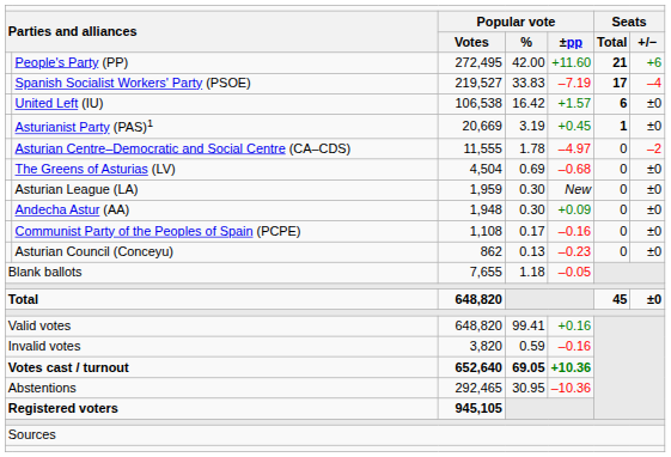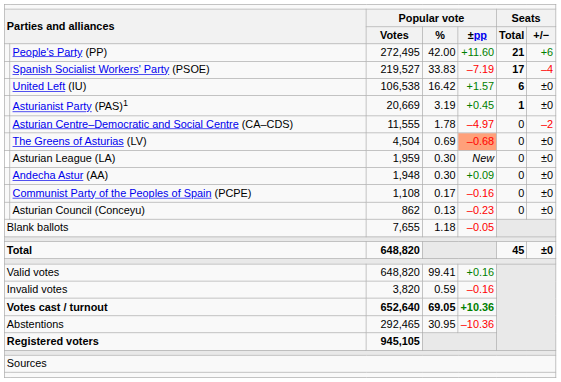 <table class="wikitable" style="text-align:right;">
 <tr>
 <td colspan="7"></td>
 </tr>
 <tr>
 <th style="text-align:left;" rowspan="2" colspan="2" width="525">Parties and alliances</th>
 <th colspan="3">Popular vote</th>
 <th colspan="2">Seats</th>
 </tr>
 <tr>
 <th width="75">Votes</th>
 <th width="45">%</th>
 <th width="45">±<a href='#'>pp</a></th>
 <th width="35">Total</th>
 <th width="35">+/−</th>
 </tr>
 <tr>
 <td width="1" style="color:inherit;background:"></td>
 <td align="left"><a href='#'>People's Party</a> (PP)</td>
 <td>272,495</td>
 <td>42.00</td>
 <td style="color:green;">+11.60</td>
 <td><strong>21</strong></td>
 <td style="color:green;">+6</td>
 </tr>
 <tr>
 <td style="color:inherit;background:"></td>
 <td align="left"><a href='#'>Spanish Socialist Workers' Party</a> (PSOE)</td>
 <td>219,527</td>
 <td>33.83</td>
 <td style="color:red;">–7.19</td>
 <td><strong>17</strong></td>
 <td style="color:red;">–4</td>
 </tr>
 <tr>
 <td style="color:inherit;background:"></td>
 <td align="left"><a href='#'>United Left</a> (IU)</td>
 <td>106,538</td>
 <td>16.42</td>
 <td style="color:green;">+1.57</td>
 <td><strong>6</strong></td>
 <td>±0</td>
 </tr>
 <tr>
 <td style="color:inherit;background:"></td>
 <td align="left"><a href='#'>Asturianist Party</a> (PAS)<sup>1</sup></td>
 <td>20,669</td>
 <td>3.19</td>
 <td style="color:green;">+0.45</td>
 <td><strong>1</strong></td>
 <td>±0</td>
 </tr>
 <tr>
 <td style="color:inherit;background:"></td>
 <td align="left"><a href='#'>Asturian Centre–Democratic and Social Centre</a> (CA–CDS)</td>
 <td>11,555</td>
 <td>1.78</td>
 <td style="color:red;">–4.97</td>
 <td>0</td>
 <td style="color:red;">–2</td>
 </tr>
 <tr>
 <td style="color:inherit;background:"></td>
 <td align="left"><a href='#'>The Greens of Asturias</a> (LV)</td>
 <td>4,504</td>
 <td>0.69</td>
-<td style="color:red;">–0.68</td>
+<td style="background: lightsalmon; color:red;">–0.68</td>
 <td>0</td>
 <td>±0</td>
 </tr>
 <tr>
 <td bgcolor="white"></td>
 <td align="left">Asturian League (LA)</td>
 <td>1,959</td>
 <td>0.30</td>
 <td><em>New</em></td>
 <td>0</td>
 <td>±0</td>
 </tr>
 <tr>
 <td style="color:inherit;background:"></td>
 <td align="left"><a href='#'>Andecha Astur</a> (AA)</td>
 <td>1,948</td>
 <td>0.30</td>
 <td style="color:green;">+0.09</td>
 <td>0</td>
 <td>±0</td>
 </tr>
 <tr>
 <td style="color:inherit;background:"></td>
 <td align="left"><a href='#'>Communist Party of the Peoples of Spain</a> (PCPE)</td>
 <td>1,108</td>
 <td>0.17</td>
 <td style="color:red;">–0.16</td>
 <td>0</td>
 <td>±0</td>
 </tr>
 <tr>
 <td style="color:inherit;background:"></td>
 <td align="left">Asturian Council (Conceyu)</td>
 <td>862</td>
 <td>0.13</td>
 <td style="color:red;">–0.23</td>
 <td>0</td>
 <td>±0</td>
 </tr>
 <tr>
 <td align="left" colspan="2">Blank ballots</td>
 <td>7,655</td>
 <td>1.18</td>
 <td style="color:red;">–0.05</td>
 <td bgcolor="#E9E9E9" colspan="2"></td>
 </tr>
 <tr>
 <td colspan="7" bgcolor="#E9E9E9"></td>
 </tr>
 <tr style="font-weight:bold;">
 <td align="left" colspan="2">Total</td>
 <td>648,820</td>
 <td bgcolor="#E9E9E9" colspan="2"></td>
 <td>45</td>
 <td>±0</td>
 </tr>
 <tr>
 <td colspan="7" bgcolor="#E9E9E9"></td>
 </tr>
 <tr>
 <td align="left" colspan="2">Valid votes</td>
 <td>648,820</td>
 <td>99.41</td>
 <td style="color:green;">+0.16</td>
 <td bgcolor="#E9E9E9" colspan="2" rowspan="5"></td>
 </tr>
 <tr>
 <td align="left" colspan="2">Invalid votes</td>
 <td>3,820</td>
 <td>0.59</td>
 <td style="color:red;">–0.16</td>
 </tr>
 <tr style="font-weight:bold;">
 <td align="left" colspan="2">Votes cast / turnout</td>
 <td>652,640</td>
 <td>69.05</td>
 <td style="color:green;">+10.36</td>
 </tr>
 <tr>
 <td align="left" colspan="2">Abstentions</td>
 <td>292,465</td>
 <td>30.95</td>
 <td style="color:red;">–10.36</td>
 </tr>
 <tr style="font-weight:bold;">
 <td align="left" colspan="2">Registered voters</td>
 <td>945,105</td>
 <td bgcolor="#E9E9E9" colspan="2"></td>
 </tr>
 <tr>
 <td colspan="7" bgcolor="#E9E9E9"></td>
 </tr>
 <tr>
 <td align="left" colspan="7">Sources</td>
 </tr>
 <tr>
 <td colspan="7" style="text-align:left; max-width:790px;"></td>
 </tr>
 </table>
